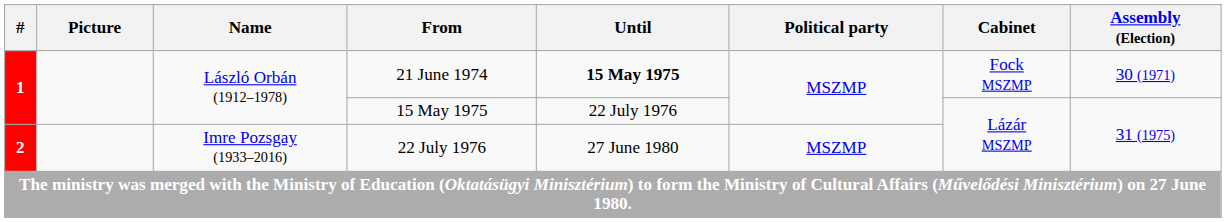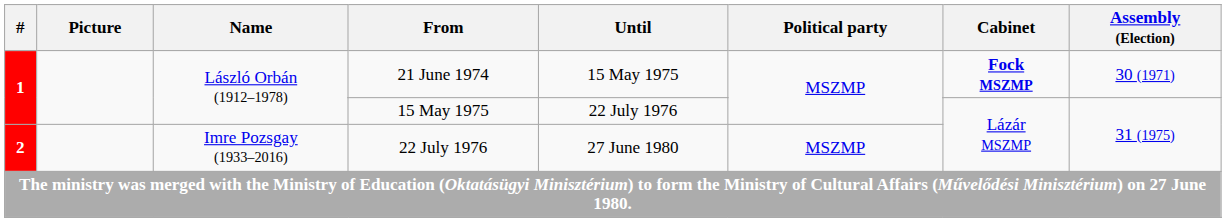 <table width=90% class="wikitable" style="text-align:center">
 <tr>
 <th>#</th>
 <th>Picture</th>
 <th>Name</th>
 <th>From</th>
 <th>Until</th>
 <th>Political party</th>
 <th>Cabinet</th>
 <th><a href='#'>Assembly</a><br><small>(Election)</small></th>
 </tr>
 <tr>
 <th rowspan="3" style="background:Red; color:white">1</th>
 <td rowspan="3"></td>
 <td rowspan="3"><a href='#'>László Orbán</a><br><small>(1912–1978)</small></td>
 <td>21 June 1974</td>
-<td><strong>15 May 1975</strong></td>
+<td>15 May 1975</td>
 <td rowspan="3"><a href='#'>MSZMP</a></td>
-<td><a href='#'>Fock</a><br><small><a href='#'>MSZMP</a></small></td>
+<td><strong><a href='#'>Fock</a><br><small><a href='#'>MSZMP</a></small></strong></td>
 <td rowspan="2"><a href='#'>30 <small>(1971)</small></a></td>
 </tr>
 <tr>
 <td rowspan="2">15 May 1975</td>
 <td rowspan="2">22 July 1976</td>
 <td rowspan="3"><a href='#'>Lázár</a><br><small><a href='#'>MSZMP</a></small></td>
 </tr>
 <tr>
 <td rowspan="2"><a href='#'>31 <small>(1975)</small></a></td>
 </tr>
 <tr>
 <th style="background:Red; color:white">2</th>
 <td></td>
 <td><a href='#'>Imre Pozsgay</a><br><small>(1933–2016)</small></td>
 <td>22 July 1976</td>
 <td>27 June 1980</td>
 <td><a href='#'>MSZMP</a></td>
 </tr>
 <tr>
 <th colspan="8" style="background-color:#ACACAC; color:white">The ministry was merged with the Ministry of Education (<em>Oktatásügyi Minisztérium</em>) to form the Ministry of Cultural Affairs (<em>Művelődési Minisztérium</em>) on 27 June 1980.</th>
 </tr>
 <tr>
 </tr>
 </table>
